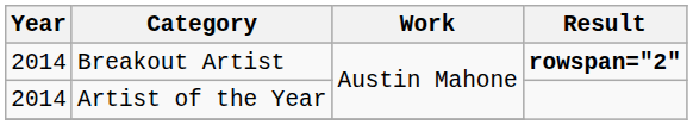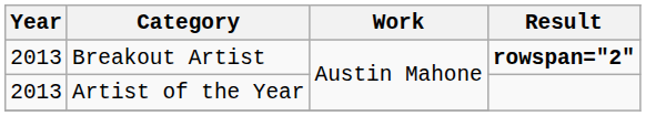 <table class="wikitable">
 <tr>
 <th>Year</th>
 <th>Category</th>
 <th>Work</th>
 <th>Result</th>
 </tr>
 <tr>
-<td>2014</td>
+<td>2013</td>
 <td>Breakout Artist</td>
 <td rowspan="2">Austin Mahone</td>
 <td><strong>rowspan="2" </strong></td>
 </tr>
 <tr>
-<td>2014</td>
+<td>2013</td>
 <td>Artist of the Year</td>
 </tr>
 <tr>
 </tr>
 </table>
